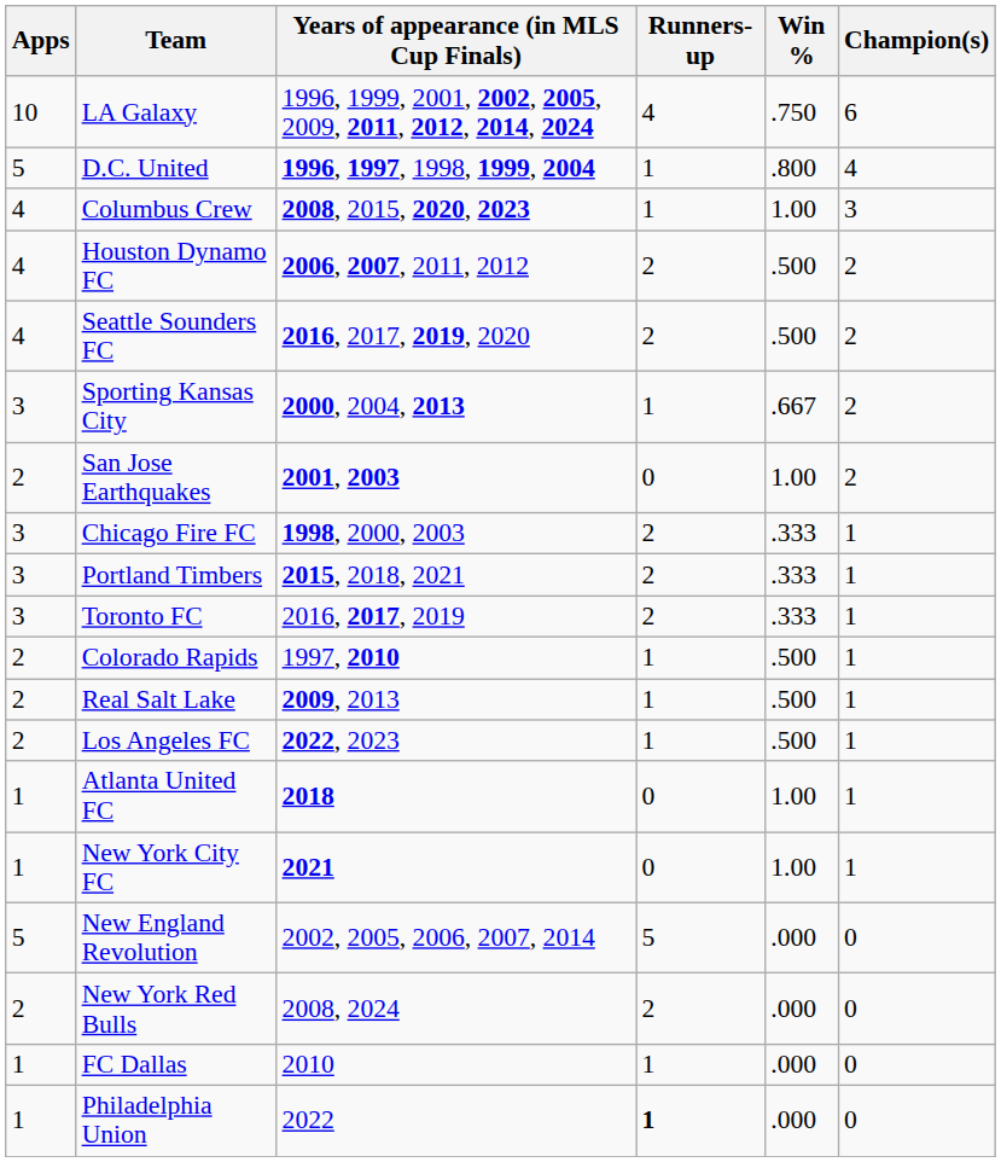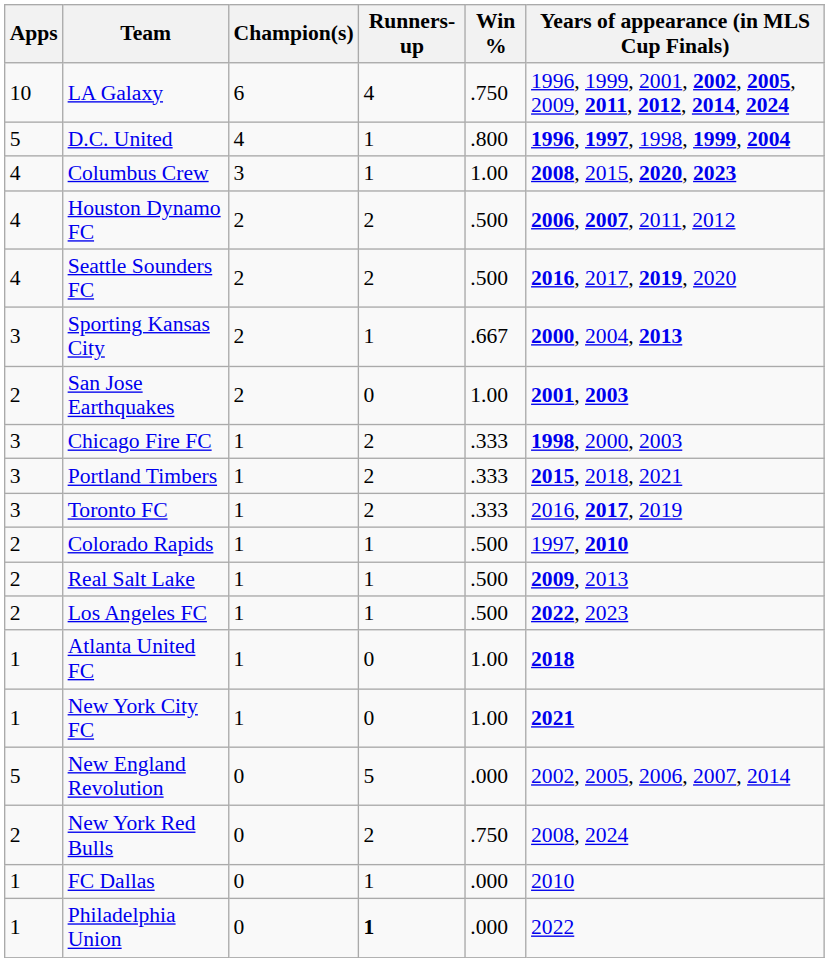 <table class="wikitable sortable" style=text-align:center">
 <tr>
 <th>Apps</th>
 <th scope="col">Team</th>
-<th>Years of appearance (in MLS Cup Finals)<br></th>
+<th>Champion(s)</th>
 <th scope="col">Runners-up</th>
 <th>Win %</th>
-<th>Champion(s)</th>
+<th>Years of appearance (in MLS Cup Finals)<br></th>
 </tr>
 <tr>
 <td>10</td>
 <td style="text-align:left"><a href='#'>LA Galaxy</a></td>
-<td style="text-align:left"><a href='#'>1996</a>, <a href='#'>1999</a>, <a href='#'>2001</a>, <strong><a href='#'>2002</a></strong>, <strong><a href='#'>2005</a></strong>, <a href='#'>2009</a>, <strong><a href='#'>2011</a></strong>, <strong><a href='#'>2012</a></strong>, <strong><a href='#'>2014</a></strong>, <strong><a href='#'>2024</a></strong></td>
+<td>6</td>
 <td>4</td>
 <td>.750</td>
-<td>6</td>
+<td style="text-align:left"><a href='#'>1996</a>, <a href='#'>1999</a>, <a href='#'>2001</a>, <strong><a href='#'>2002</a></strong>, <strong><a href='#'>2005</a></strong>, <a href='#'>2009</a>, <strong><a href='#'>2011</a></strong>, <strong><a href='#'>2012</a></strong>, <strong><a href='#'>2014</a></strong>, <strong><a href='#'>2024</a></strong></td>
 </tr>
 <tr>
 <td>5</td>
 <td style="text-align:left"><a href='#'>D.C. United</a></td>
-<td style="text-align:left"><strong><a href='#'>1996</a></strong>, <strong><a href='#'>1997</a></strong>, <a href='#'>1998</a>, <strong><a href='#'>1999</a></strong>, <strong><a href='#'>2004</a></strong></td>
+<td>4</td>
 <td>1</td>
 <td>.800</td>
-<td>4</td>
+<td style="text-align:left"><strong><a href='#'>1996</a></strong>, <strong><a href='#'>1997</a></strong>, <a href='#'>1998</a>, <strong><a href='#'>1999</a></strong>, <strong><a href='#'>2004</a></strong></td>
 </tr>
 <tr>
 <td>4</td>
 <td style="text-align:left"><a href='#'>Columbus Crew</a></td>
-<td style="text-align:left"><strong><a href='#'>2008</a></strong>, <a href='#'>2015</a>, <strong><a href='#'>2020</a></strong>, <strong><a href='#'>2023</a></strong></td>
+<td>3</td>
 <td>1</td>
 <td>1.00</td>
-<td>3</td>
+<td style="text-align:left"><strong><a href='#'>2008</a></strong>, <a href='#'>2015</a>, <strong><a href='#'>2020</a></strong>, <strong><a href='#'>2023</a></strong></td>
 </tr>
 <tr>
 <td>4</td>
 <td style="text-align:left"><a href='#'>Houston Dynamo FC</a></td>
-<td style="text-align:left"><strong><a href='#'>2006</a></strong>, <strong><a href='#'>2007</a></strong>, <a href='#'>2011</a>, <a href='#'>2012</a></td>
+<td>2</td>
 <td>2</td>
 <td>.500</td>
-<td>2</td>
+<td style="text-align:left"><strong><a href='#'>2006</a></strong>, <strong><a href='#'>2007</a></strong>, <a href='#'>2011</a>, <a href='#'>2012</a></td>
 </tr>
 <tr>
 <td>4</td>
 <td style="text-align:left"><a href='#'>Seattle Sounders FC</a></td>
-<td style="text-align:left"><strong><a href='#'>2016</a></strong>, <a href='#'>2017</a>, <strong><a href='#'>2019</a></strong>, <a href='#'>2020</a></td>
+<td>2</td>
 <td>2</td>
 <td>.500</td>
-<td>2</td>
+<td style="text-align:left"><strong><a href='#'>2016</a></strong>, <a href='#'>2017</a>, <strong><a href='#'>2019</a></strong>, <a href='#'>2020</a></td>
 </tr>
 <tr>
 <td>3</td>
 <td style="text-align:left"><a href='#'>Sporting Kansas City</a></td>
-<td style="text-align:left"><strong><a href='#'>2000</a></strong>, <a href='#'>2004</a>, <strong><a href='#'>2013</a></strong></td>
+<td>2</td>
 <td>1</td>
 <td>.667</td>
-<td>2</td>
+<td style="text-align:left"><strong><a href='#'>2000</a></strong>, <a href='#'>2004</a>, <strong><a href='#'>2013</a></strong></td>
 </tr>
 <tr>
 <td>2</td>
 <td style="text-align:left"><a href='#'>San Jose Earthquakes</a></td>
-<td style="text-align:left"><strong><a href='#'>2001</a></strong>, <strong><a href='#'>2003</a></strong></td>
+<td>2</td>
 <td>0</td>
 <td>1.00</td>
-<td>2</td>
+<td style="text-align:left"><strong><a href='#'>2001</a></strong>, <strong><a href='#'>2003</a></strong></td>
 </tr>
 <tr>
 <td>3</td>
 <td style="text-align:left"><a href='#'>Chicago Fire FC</a></td>
-<td style="text-align:left"><strong><a href='#'>1998</a></strong>, <a href='#'>2000</a>, <a href='#'>2003</a></td>
+<td>1</td>
 <td>2</td>
 <td>.333</td>
-<td>1</td>
+<td style="text-align:left"><strong><a href='#'>1998</a></strong>, <a href='#'>2000</a>, <a href='#'>2003</a></td>
 </tr>
 <tr>
 <td>3</td>
 <td style="text-align:left"><a href='#'>Portland Timbers</a></td>
-<td style="text-align:left"><strong><a href='#'>2015</a></strong>, <a href='#'>2018</a>, <a href='#'>2021</a></td>
+<td>1</td>
 <td>2</td>
 <td>.333</td>
-<td>1</td>
+<td style="text-align:left"><strong><a href='#'>2015</a></strong>, <a href='#'>2018</a>, <a href='#'>2021</a></td>
 </tr>
 <tr>
 <td>3</td>
 <td style="text-align:left"><a href='#'>Toronto FC</a></td>
-<td style="text-align:left"><a href='#'>2016</a>, <strong><a href='#'>2017</a></strong>, <a href='#'>2019</a></td>
+<td>1</td>
 <td>2</td>
 <td>.333</td>
-<td>1</td>
+<td style="text-align:left"><a href='#'>2016</a>, <strong><a href='#'>2017</a></strong>, <a href='#'>2019</a></td>
 </tr>
 <tr>
 <td>2</td>
 <td style="text-align:left"><a href='#'>Colorado Rapids</a></td>
-<td style="text-align:left"><a href='#'>1997</a>, <strong><a href='#'>2010</a></strong></td>
+<td>1</td>
 <td>1</td>
 <td>.500</td>
-<td>1</td>
+<td style="text-align:left"><a href='#'>1997</a>, <strong><a href='#'>2010</a></strong></td>
 </tr>
 <tr>
 <td>2</td>
 <td style="text-align:left"><a href='#'>Real Salt Lake</a></td>
-<td style="text-align:left"><strong><a href='#'>2009</a></strong>, <a href='#'>2013</a></td>
+<td>1</td>
 <td>1</td>
 <td>.500</td>
-<td>1</td>
+<td style="text-align:left"><strong><a href='#'>2009</a></strong>, <a href='#'>2013</a></td>
 </tr>
 <tr>
 <td>2</td>
 <td style="text-align:left"><a href='#'>Los Angeles FC</a></td>
-<td style="text-align:left"><strong><a href='#'>2022</a></strong>, <a href='#'>2023</a></td>
+<td>1</td>
 <td>1</td>
 <td>.500</td>
-<td>1</td>
+<td style="text-align:left"><strong><a href='#'>2022</a></strong>, <a href='#'>2023</a></td>
 </tr>
 <tr>
 <td>1</td>
 <td style="text-align:left"><a href='#'>Atlanta United FC</a></td>
-<td style="text-align:left"><strong><a href='#'>2018</a></strong></td>
+<td>1</td>
 <td>0</td>
 <td>1.00</td>
-<td>1</td>
+<td style="text-align:left"><strong><a href='#'>2018</a></strong></td>
 </tr>
 <tr>
 <td>1</td>
 <td style="text-align:left"><a href='#'>New York City FC</a></td>
-<td style="text-align:left"><strong><a href='#'>2021</a></strong></td>
+<td>1</td>
 <td>0</td>
 <td>1.00</td>
-<td>1</td>
+<td style="text-align:left"><strong><a href='#'>2021</a></strong></td>
 </tr>
 <tr>
 <td>5</td>
 <td style="text-align:left"><a href='#'>New England Revolution</a></td>
-<td style="text-align:left"><a href='#'>2002</a>, <a href='#'>2005</a>, <a href='#'>2006</a>, <a href='#'>2007</a>, <a href='#'>2014</a></td>
+<td>0</td>
 <td>5</td>
 <td>.000</td>
-<td>0</td>
+<td style="text-align:left"><a href='#'>2002</a>, <a href='#'>2005</a>, <a href='#'>2006</a>, <a href='#'>2007</a>, <a href='#'>2014</a></td>
 </tr>
 <tr>
 <td>2</td>
 <td style="text-align:left"><a href='#'>New York Red Bulls</a></td>
+<td>0</td>
+<td>2</td>
+<td>.750</td>
 <td style="text-align:left"><a href='#'>2008</a>, <a href='#'>2024</a></td>
-<td>2</td>
-<td>.000</td>
-<td>0</td>
 </tr>
 <tr>
 <td>1</td>
 <td style="text-align:left"><a href='#'>FC Dallas</a></td>
-<td style="text-align:left"><a href='#'>2010</a></td>
+<td>0</td>
 <td>1</td>
 <td>.000</td>
-<td>0</td>
+<td style="text-align:left"><a href='#'>2010</a></td>
 </tr>
 <tr>
 <td>1</td>
 <td style="text-align:left"><a href='#'>Philadelphia Union</a></td>
-<td style="text-align:left"><a href='#'>2022</a></td>
+<td>0</td>
 <td><strong>1</strong></td>
 <td>.000</td>
-<td>0</td>
+<td style="text-align:left"><a href='#'>2022</a></td>
 </tr>
 </table>
